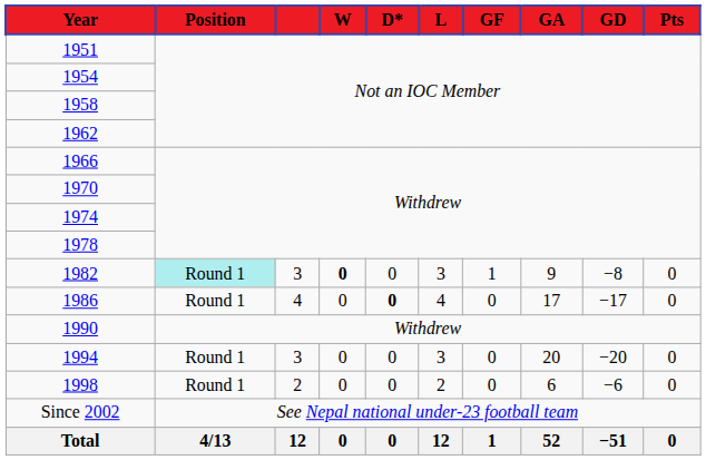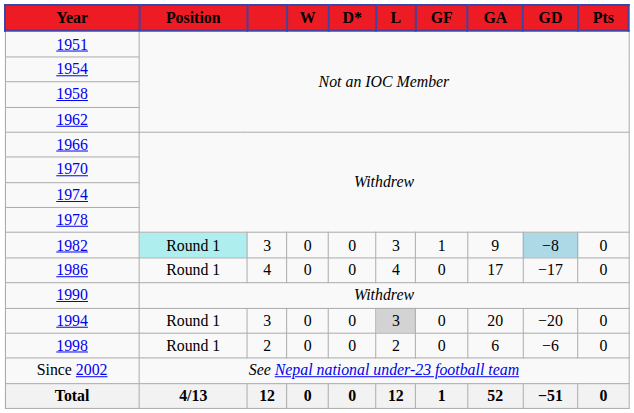 <table Class = "wikitable" style = "text-align: center; width:50%;">
 <tr>
 <th style="background:#ED1C24;border: 2px solid #3F43A4;"><span>Year</span></th>
 <th style="background:#ED1C24;border: 2px solid #3F43A4;"><span>Position</span></th>
 <th style="background:#ED1C24;border: 2px solid #3F43A4;"><span></span></th>
 <th style="background:#ED1C24;border: 2px solid #3F43A4;"><span>W</span></th>
 <th style="background:#ED1C24;border: 2px solid #3F43A4;"><span>D*</span></th>
 <th style="background:#ED1C24;border: 2px solid #3F43A4;"><span>L</span></th>
 <th style="background:#ED1C24;border: 2px solid #3F43A4;"><span>GF</span></th>
 <th style="background:#ED1C24;border: 2px solid #3F43A4;"><span>GA</span></th>
 <th style="background:#ED1C24;border: 2px solid #3F43A4;"><span>GD</span></th>
 <th style="background:#ED1C24;border: 2px solid #3F43A4;"><span>Pts</span></th>
 </tr>
 <tr>
 <td> <a href='#'>1951</a></td>
 <td colspan=9 rowspan=4><em>Not an IOC Member</em></td>
 </tr>
 <tr>
 <td> <a href='#'>1954</a></td>
 </tr>
 <tr>
 <td> <a href='#'>1958</a></td>
 </tr>
 <tr>
 <td> <a href='#'>1962</a></td>
 </tr>
 <tr>
 <td> <a href='#'>1966</a></td>
 <td colspan=9 rowspan=4><em>Withdrew</em></td>
 </tr>
 <tr>
 <td> <a href='#'>1970</a></td>
 </tr>
 <tr>
 <td> <a href='#'>1974</a></td>
 </tr>
 <tr>
 <td> <a href='#'>1978</a></td>
 </tr>
 <tr>
 <td> <a href='#'>1982</a></td>
 <td style="background: paleturquoise;">Round 1</td>
 <td>3</td>
-<td><strong>0</strong></td>
+<td>0</td>
 <td>0</td>
 <td>3</td>
 <td>1</td>
 <td>9</td>
-<td>−8</td>
+<td style="background: lightblue;">−8</td>
 <td>0</td>
 </tr>
 <tr>
 <td> <a href='#'>1986</a></td>
 <td>Round 1</td>
 <td>4</td>
 <td>0</td>
-<td><strong>0</strong></td>
+<td>0</td>
 <td>4</td>
 <td>0</td>
 <td>17</td>
 <td>−17</td>
 <td>0</td>
 </tr>
 <tr>
 <td> <a href='#'>1990</a></td>
 <td colspan=9><em>Withdrew</em></td>
 </tr>
 <tr>
 <td> <a href='#'>1994</a></td>
 <td>Round 1</td>
 <td>3</td>
 <td>0</td>
 <td>0</td>
-<td>3</td>
+<td style="background: lightgrey;">3</td>
 <td>0</td>
 <td>20</td>
 <td>−20</td>
 <td>0</td>
 </tr>
 <tr>
 <td> <a href='#'>1998</a></td>
 <td>Round 1</td>
 <td>2</td>
 <td>0</td>
 <td>0</td>
 <td>2</td>
 <td>0</td>
 <td>6</td>
 <td>−6</td>
 <td>0</td>
 </tr>
 <tr>
 <td>Since <a href='#'>2002</a></td>
 <td colspan=10><em>See <a href='#'>Nepal national under-23 football team</a></em></td>
 </tr>
 <tr>
 <th>Total</th>
 <th>4/13</th>
 <th>12</th>
 <th>0</th>
 <th>0</th>
 <th>12</th>
 <th>1</th>
 <th>52</th>
 <th>−51</th>
 <th>0</th>
 </tr>
 </table>
